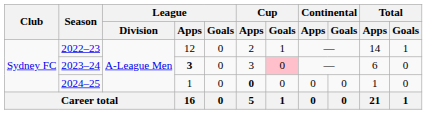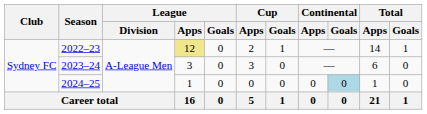 <table class="wikitable" style="text-align:center">
 <tr>
 <th rowspan="2">Club</th>
 <th rowspan="2">Season</th>
 <th colspan="3">League</th>
 <th colspan="2">Cup</th>
 <th colspan="2">Continental</th>
 <th colspan="2">Total</th>
 </tr>
 <tr>
 <th>Division</th>
 <th>Apps</th>
 <th>Goals</th>
 <th>Apps</th>
 <th>Goals</th>
 <th>Apps</th>
 <th>Goals</th>
 <th>Apps</th>
 <th>Goals</th>
 </tr>
 <tr>
 <td rowspan="3"><a href='#'>Sydney FC</a></td>
 <td><a href='#'>2022–23</a></td>
 <td rowspan="3"><a href='#'>A-League Men</a></td>
-<td>12</td>
+<td style="background: khaki;">12</td>
 <td>0</td>
 <td>2</td>
 <td>1</td>
 <td colspan="2">—</td>
 <td>14</td>
 <td>1</td>
 </tr>
 <tr>
 <td><a href='#'>2023–24</a></td>
-<td><strong>3</strong></td>
+<td>3</td>
 <td>0</td>
 <td>3</td>
-<td style="background: pink;">0</td>
+<td>0</td>
 <td colspan="2">—</td>
 <td>6</td>
 <td>0</td>
 </tr>
 <tr>
 <td><a href='#'>2024–25</a></td>
 <td>1</td>
 <td>0</td>
-<td><strong>0</strong></td>
 <td>0</td>
 <td>0</td>
 <td>0</td>
+<td style="background: lightblue;">0</td>
 <td>1</td>
 <td>0</td>
 </tr>
 <tr>
 <th colspan="3">Career total</th>
 <th>16</th>
 <th>0</th>
 <th>5</th>
 <th>1</th>
 <th>0</th>
 <th>0</th>
 <th>21</th>
 <th>1</th>
 </tr>
 </table>
